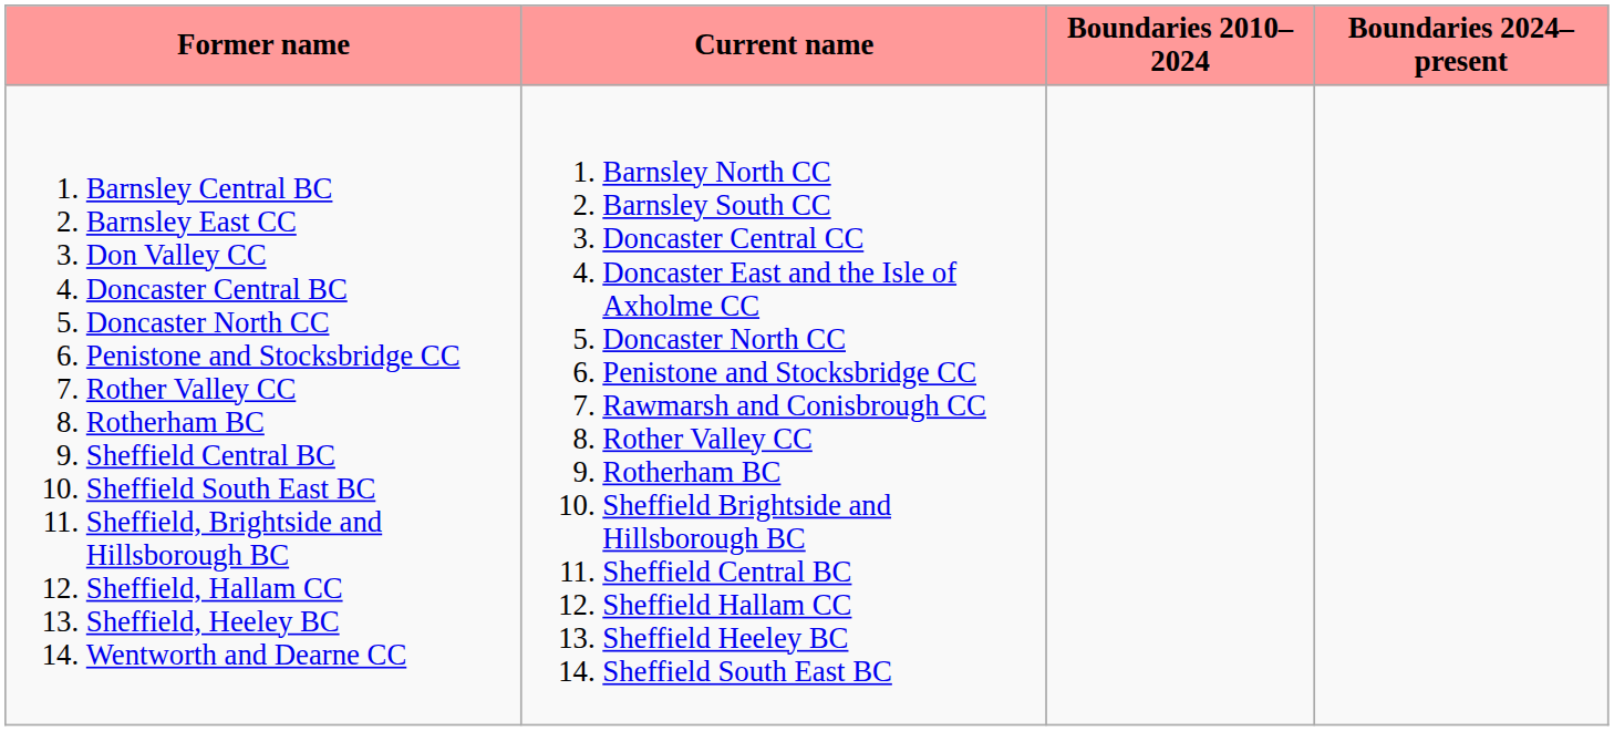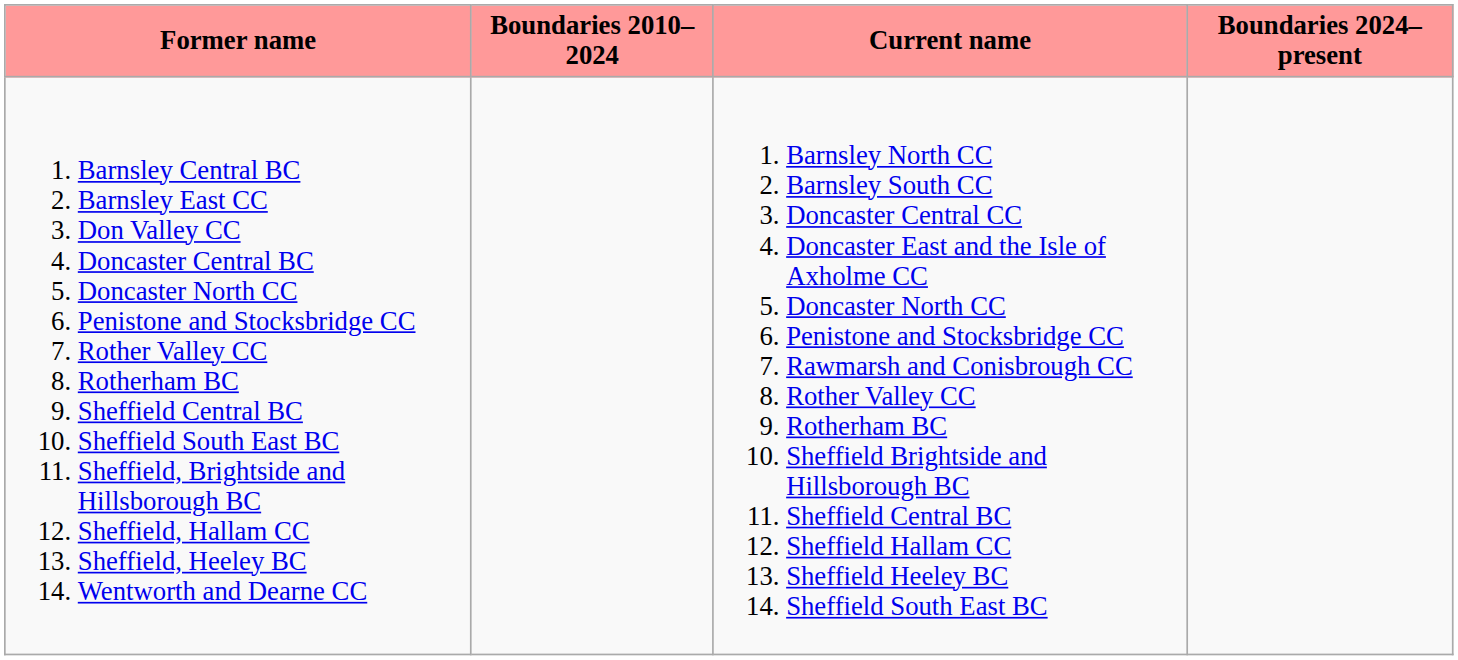 <table class="wikitable">
 <tr>
 <th style="background-color:#ff9999">Former name</th>
+<th style="background-color:#ff9999">Boundaries 2010–2024</th>
 <th style="background-color:#ff9999">Current name</th>
-<th style="background-color:#ff9999">Boundaries 2010–2024</th>
 <th style="background-color:#ff9999">Boundaries 2024–present</th>
 </tr>
 <tr>
 <td><br><ol><li><a href='#'>Barnsley Central BC</a></li><li><a href='#'>Barnsley East CC</a></li><li><a href='#'>Don Valley CC</a></li><li><a href='#'>Doncaster Central BC</a></li><li><a href='#'>Doncaster North CC</a></li><li><a href='#'>Penistone and Stocksbridge CC</a></li><li><a href='#'>Rother Valley CC</a></li><li><a href='#'>Rotherham BC</a></li><li><a href='#'>Sheffield Central BC</a></li><li><a href='#'>Sheffield South East BC</a></li><li><a href='#'>Sheffield, Brightside and Hillsborough BC</a></li><li><a href='#'>Sheffield, Hallam CC</a></li><li><a href='#'>Sheffield, Heeley BC</a></li><li><a href='#'>Wentworth and Dearne CC</a></li></ol></td>
+<td></td>
 <td><br><ol><li><a href='#'>Barnsley North CC</a></li><li><a href='#'>Barnsley South CC</a></li><li><a href='#'>Doncaster Central CC</a></li><li><a href='#'>Doncaster East and the Isle of Axholme CC</a></li><li><a href='#'>Doncaster North CC</a></li><li><a href='#'>Penistone and Stocksbridge CC</a></li><li><a href='#'>Rawmarsh and Conisbrough CC</a></li><li><a href='#'>Rother Valley CC</a></li><li><a href='#'>Rotherham BC</a></li><li><a href='#'>Sheffield Brightside and Hillsborough BC</a></li><li><a href='#'>Sheffield Central BC</a></li><li><a href='#'>Sheffield Hallam CC</a></li><li><a href='#'>Sheffield Heeley BC</a></li><li><a href='#'>Sheffield South East BC</a></li></ol></td>
-<td></td>
 <td></td>
 </tr>
 </table>
